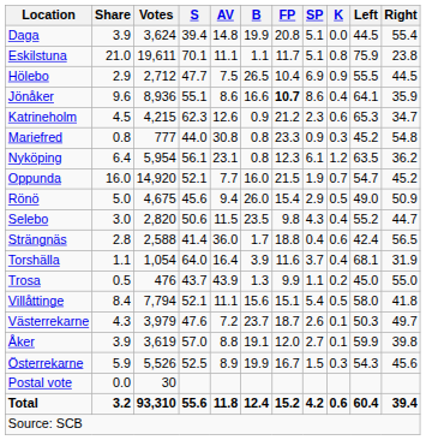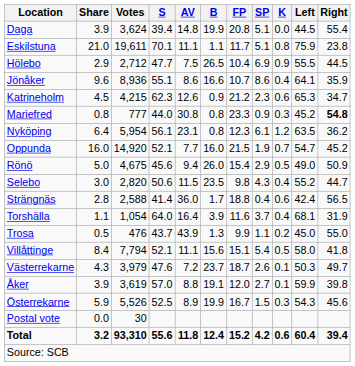 <table class="wikitable sortable" style=text-align:right>
 <tr>
 <th>Location</th>
 <th>Share</th>
 <th>Votes</th>
 <th><a href='#'>S</a></th>
 <th><a href='#'>AV</a></th>
 <th><a href='#'>B</a></th>
 <th><a href='#'>FP</a></th>
 <th><a href='#'>SP</a></th>
 <th><a href='#'>K</a></th>
 <th>Left</th>
 <th>Right</th>
 </tr>
 <tr>
 <td align=left><a href='#'>Daga</a></td>
 <td>3.9</td>
 <td>3,624</td>
 <td>39.4</td>
 <td>14.8</td>
 <td>19.9</td>
 <td>20.8</td>
 <td>5.1</td>
 <td>0.0</td>
 <td>44.5</td>
 <td>55.4</td>
 </tr>
 <tr>
 <td align=left><a href='#'>Eskilstuna</a></td>
 <td>21.0</td>
 <td>19,611</td>
 <td>70.1</td>
 <td>11.1</td>
 <td>1.1</td>
 <td>11.7</td>
 <td>5.1</td>
 <td>0.8</td>
 <td>75.9</td>
 <td>23.8</td>
 </tr>
 <tr>
 <td align=left><a href='#'>Hölebo</a></td>
 <td>2.9</td>
 <td>2,712</td>
 <td>47.7</td>
 <td>7.5</td>
 <td>26.5</td>
 <td>10.4</td>
 <td>6.9</td>
 <td>0.9</td>
 <td>55.5</td>
 <td>44.5</td>
 </tr>
 <tr>
 <td align=left><a href='#'>Jönåker</a></td>
 <td>9.6</td>
 <td>8,936</td>
 <td>55.1</td>
 <td>8.6</td>
 <td>16.6</td>
-<td><strong>10.7</strong></td>
+<td>10.7</td>
 <td>8.6</td>
 <td>0.4</td>
 <td>64.1</td>
 <td>35.9</td>
 </tr>
 <tr>
 <td align=left><a href='#'>Katrineholm</a></td>
 <td>4.5</td>
 <td>4,215</td>
 <td>62.3</td>
 <td>12.6</td>
 <td>0.9</td>
 <td>21.2</td>
 <td>2.3</td>
 <td>0.6</td>
 <td>65.3</td>
 <td>34.7</td>
 </tr>
 <tr>
 <td align=left><a href='#'>Mariefred</a></td>
 <td>0.8</td>
 <td>777</td>
 <td>44.0</td>
 <td>30.8</td>
 <td>0.8</td>
 <td>23.3</td>
 <td>0.9</td>
 <td>0.3</td>
 <td>45.2</td>
-<td>54.8</td>
+<td><strong>54.8</strong></td>
 </tr>
 <tr>
 <td align=left><a href='#'>Nyköping</a></td>
 <td>6.4</td>
 <td>5,954</td>
 <td>56.1</td>
 <td>23.1</td>
 <td>0.8</td>
 <td>12.3</td>
 <td>6.1</td>
 <td>1.2</td>
 <td>63.5</td>
 <td>36.2</td>
 </tr>
 <tr>
 <td align=left><a href='#'>Oppunda</a></td>
 <td>16.0</td>
 <td>14,920</td>
 <td>52.1</td>
 <td>7.7</td>
 <td>16.0</td>
 <td>21.5</td>
 <td>1.9</td>
 <td>0.7</td>
 <td>54.7</td>
 <td>45.2</td>
 </tr>
 <tr>
 <td align=left><a href='#'>Rönö</a></td>
 <td>5.0</td>
 <td>4,675</td>
 <td>45.6</td>
 <td>9.4</td>
 <td>26.0</td>
 <td>15.4</td>
 <td>2.9</td>
 <td>0.5</td>
 <td>49.0</td>
 <td>50.9</td>
 </tr>
 <tr>
 <td align=left><a href='#'>Selebo</a></td>
 <td>3.0</td>
 <td>2,820</td>
 <td>50.6</td>
 <td>11.5</td>
 <td>23.5</td>
 <td>9.8</td>
 <td>4.3</td>
 <td>0.4</td>
 <td>55.2</td>
 <td>44.7</td>
 </tr>
 <tr>
 <td align=left><a href='#'>Strängnäs</a></td>
 <td>2.8</td>
 <td>2,588</td>
 <td>41.4</td>
 <td>36.0</td>
 <td>1.7</td>
 <td>18.8</td>
 <td>0.4</td>
 <td>0.6</td>
 <td>42.4</td>
 <td>56.5</td>
 </tr>
 <tr>
 <td align=left><a href='#'>Torshälla</a></td>
 <td>1.1</td>
 <td>1,054</td>
 <td>64.0</td>
 <td>16.4</td>
 <td>3.9</td>
 <td>11.6</td>
 <td>3.7</td>
 <td>0.4</td>
 <td>68.1</td>
 <td>31.9</td>
 </tr>
 <tr>
 <td align=left><a href='#'>Trosa</a></td>
 <td>0.5</td>
 <td>476</td>
 <td>43.7</td>
 <td>43.9</td>
 <td>1.3</td>
 <td>9.9</td>
 <td>1.1</td>
 <td>0.2</td>
 <td>45.0</td>
 <td>55.0</td>
 </tr>
 <tr>
 <td align=left><a href='#'>Villåttinge</a></td>
 <td>8.4</td>
 <td>7,794</td>
 <td>52.1</td>
 <td>11.1</td>
 <td>15.6</td>
 <td>15.1</td>
 <td>5.4</td>
 <td>0.5</td>
 <td>58.0</td>
 <td>41.8</td>
 </tr>
 <tr>
 <td align=left><a href='#'>Västerrekarne</a></td>
 <td>4.3</td>
 <td>3,979</td>
 <td>47.6</td>
 <td>7.2</td>
 <td>23.7</td>
 <td>18.7</td>
 <td>2.6</td>
 <td>0.1</td>
 <td>50.3</td>
 <td>49.7</td>
 </tr>
 <tr>
 <td align=left><a href='#'>Åker</a></td>
 <td>3.9</td>
 <td>3,619</td>
 <td>57.0</td>
 <td>8.8</td>
 <td>19.1</td>
 <td>12.0</td>
 <td>2.7</td>
 <td>0.1</td>
 <td>59.9</td>
 <td>39.8</td>
 </tr>
 <tr>
 <td align=left><a href='#'>Österrekarne</a></td>
 <td>5.9</td>
 <td>5,526</td>
 <td>52.5</td>
 <td>8.9</td>
 <td>19.9</td>
 <td>16.7</td>
 <td>1.5</td>
 <td>0.3</td>
 <td>54.3</td>
 <td>45.6</td>
 </tr>
 <tr>
 <td align=left><a href='#'>Postal vote</a></td>
 <td>0.0</td>
 <td>30</td>
 <td></td>
 <td></td>
 <td></td>
 <td></td>
 <td></td>
 <td></td>
 <td></td>
 <td></td>
 </tr>
 <tr>
 <td align=left><strong>Total</strong></td>
 <td><strong>3.2</strong></td>
 <td><strong>93,310</strong></td>
 <td><strong>55.6</strong></td>
 <td><strong>11.8</strong></td>
 <td><strong>12.4</strong></td>
 <td><strong>15.2</strong></td>
 <td><strong>4.2</strong></td>
 <td><strong>0.6</strong></td>
 <td><strong>60.4</strong></td>
 <td><strong>39.4</strong></td>
 </tr>
 <tr>
 <td align=left colspan=11>Source: SCB </td>
 </tr>
 </table>
